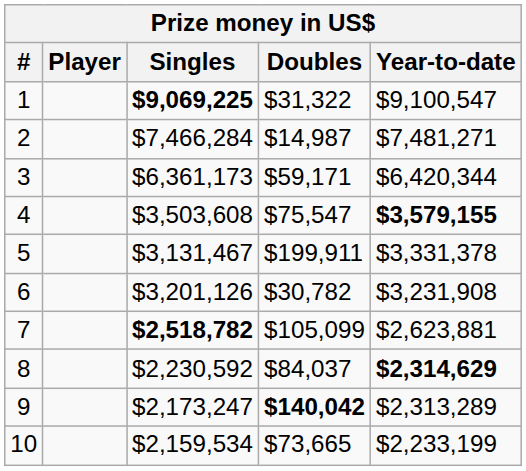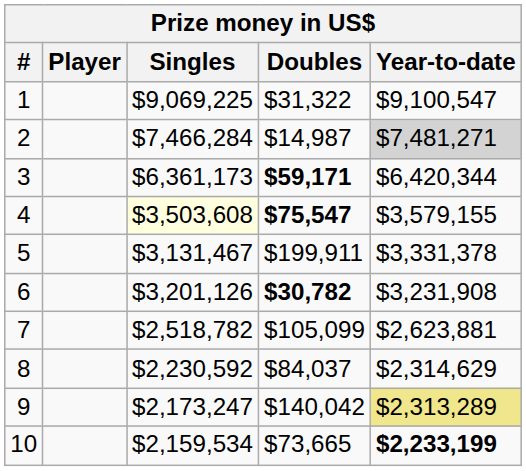 <table class="wikitable sortable">
 <tr>
 <th colspan="5">Prize money in US$ </th>
 </tr>
 <tr>
 <th>#</th>
 <th>Player</th>
 <th>Singles</th>
 <th>Doubles</th>
 <th>Year-to-date</th>
 </tr>
 <tr>
 <td align="center">1</td>
 <td align="left"></td>
-<td><strong>$9,069,225</strong></td>
+<td>$9,069,225</td>
 <td>$31,322</td>
 <td>$9,100,547</td>
 </tr>
 <tr>
 <td align="center">2</td>
 <td align="left"></td>
 <td>$7,466,284</td>
 <td>$14,987</td>
-<td>$7,481,271</td>
+<td style="background: lightgrey;">$7,481,271</td>
 </tr>
 <tr>
 <td align="center">3</td>
 <td $align="left"></td>
 <td>$6,361,173</td>
-<td>$59,171</td>
+<td><strong>$59,171</strong></td>
 <td>$6,420,344</td>
 </tr>
 <tr>
 <td align="center">4</td>
 <td $align="left"></td>
-<td>$3,503,608</td>
-<td>$75,547</td>
-<td><strong>$3,579,155</strong></td>
+<td style="background: lightyellow;">$3,503,608</td>
+<td><strong>$75,547</strong></td>
+<td>$3,579,155</td>
 </tr>
 <tr>
 <td align="center">5</td>
 <td $align="left"></td>
 <td>$3,131,467</td>
 <td>$199,911</td>
 <td>$3,331,378</td>
 </tr>
 <tr>
 <td align="center">6</td>
 <td align="left"></td>
 <td>$3,201,126</td>
-<td>$30,782</td>
+<td><strong>$30,782</strong></td>
 <td>$3,231,908</td>
 </tr>
 <tr>
 <td align="center">7</td>
 <td $align="left"></td>
-<td><strong>$2,518,782</strong></td>
+<td>$2,518,782</td>
 <td>$105,099</td>
 <td>$2,623,881</td>
 </tr>
 <tr>
 <td align="center">8</td>
 <td $align="left"></td>
 <td>$2,230,592</td>
 <td>$84,037</td>
-<td><strong>$2,314,629</strong></td>
+<td>$2,314,629</td>
 </tr>
 <tr>
 <td align="center">9</td>
 <td $align="left"></td>
 <td>$2,173,247</td>
-<td><strong>$140,042</strong></td>
-<td>$2,313,289</td>
+<td>$140,042</td>
+<td style="background: khaki;">$2,313,289</td>
 </tr>
 <tr>
 <td align="center">10</td>
 <td $align="left"></td>
 <td>$2,159,534</td>
 <td>$73,665</td>
-<td>$2,233,199</td>
+<td><strong>$2,233,199</strong></td>
 </tr>
 </table>
